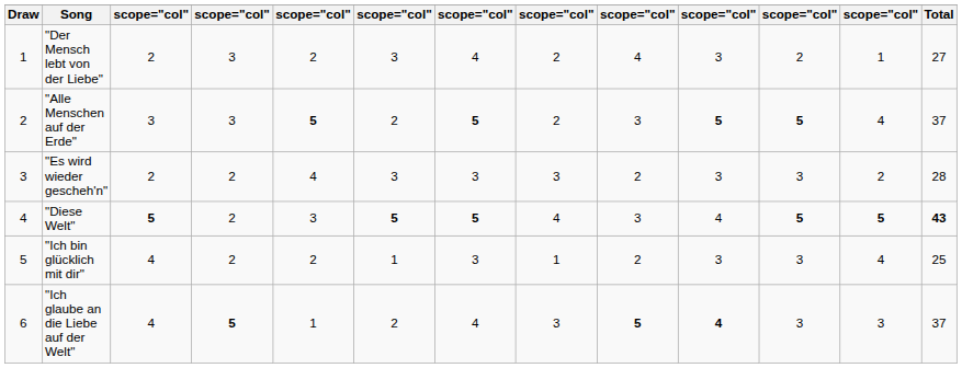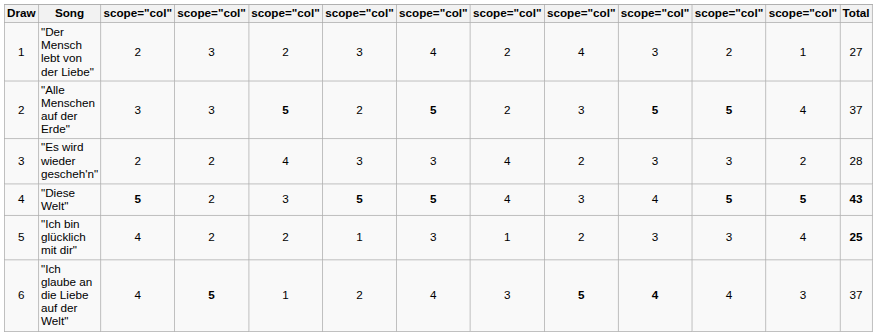 <table class="wikitable plainrowheaders" style="margin: 1em auto 1em auto; text-align:center;">
 <tr>
 </tr>
 <tr>
 <th scope="col">Draw</th>
 <th scope="col">Song</th>
 <th>scope="col" </th>
 <th>scope="col" </th>
 <th>scope="col" </th>
 <th>scope="col" </th>
 <th>scope="col" </th>
 <th>scope="col" </th>
 <th>scope="col" </th>
 <th>scope="col" </th>
 <th>scope="col" </th>
 <th>scope="col" </th>
 <th scope="col">Total</th>
 </tr>
 <tr>
 <td>1</td>
 <td align="left">"Der Mensch lebt von der Liebe"</td>
 <td>2</td>
 <td>3</td>
 <td>2</td>
 <td>3</td>
 <td>4</td>
 <td>2</td>
 <td>4</td>
 <td>3</td>
 <td>2</td>
 <td>1</td>
 <td>27</td>
 </tr>
 <tr>
 <td>2</td>
 <td align="left">"Alle Menschen auf der Erde"</td>
 <td>3</td>
 <td>3</td>
 <td><strong>5</strong></td>
 <td>2</td>
 <td><strong>5</strong></td>
 <td>2</td>
 <td>3</td>
 <td><strong>5</strong></td>
 <td><strong>5</strong></td>
 <td>4</td>
 <td>37</td>
 </tr>
 <tr>
 <td>3</td>
 <td align="left">"Es wird wieder gescheh'n"</td>
 <td>2</td>
 <td>2</td>
 <td>4</td>
 <td>3</td>
 <td>3</td>
-<td>3</td>
+<td>4</td>
 <td>2</td>
 <td>3</td>
 <td>3</td>
 <td>2</td>
 <td>28</td>
 </tr>
 <tr>
 <td>4</td>
 <td align="left">"Diese Welt"</td>
 <td><strong>5</strong></td>
 <td>2</td>
 <td>3</td>
 <td><strong>5</strong></td>
 <td><strong>5</strong></td>
 <td>4</td>
 <td>3</td>
 <td>4</td>
 <td><strong>5</strong></td>
 <td><strong>5</strong></td>
 <td><strong>43</strong></td>
 </tr>
 <tr>
 <td>5</td>
 <td align="left">"Ich bin glücklich mit dir"</td>
 <td>4</td>
 <td>2</td>
 <td>2</td>
 <td>1</td>
 <td>3</td>
 <td>1</td>
 <td>2</td>
 <td>3</td>
 <td>3</td>
 <td>4</td>
-<td>25</td>
+<td><strong>25</strong></td>
 </tr>
 <tr>
 <td>6</td>
 <td align="left">"Ich glaube an die Liebe auf der Welt"</td>
 <td>4</td>
 <td><strong>5</strong></td>
 <td>1</td>
 <td>2</td>
 <td>4</td>
 <td>3</td>
 <td><strong>5</strong></td>
 <td><strong>4</strong></td>
-<td>3</td>
+<td>4</td>
 <td>3</td>
 <td>37</td>
 </tr>
 </table>
